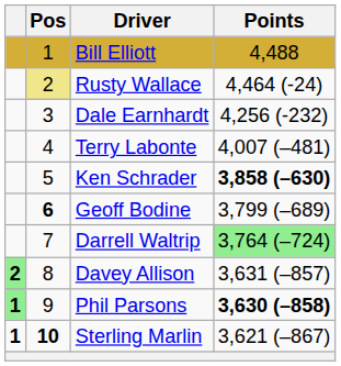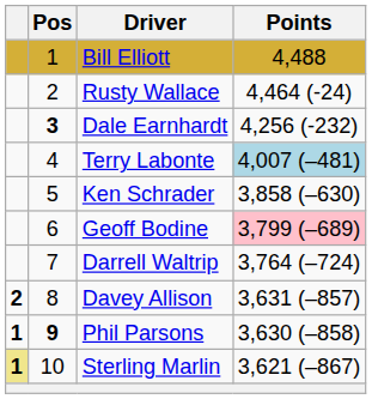 <table class="wikitable" style="font-size: 95%;">
 <tr>
 <th></th>
 <th>Pos</th>
 <th>Driver</th>
 <th>Points</th>
 </tr>
 <tr style="background:#D4AF37;">
 <td align="left"></td>
 <td style="text-align:center;">1</td>
 <td><a href='#'>Bill Elliott</a></td>
 <td style="text-align:center;">4,488</td>
 </tr>
 <tr>
 <td align="left"></td>
-<td style="background: khaki; text-align:center;">2</td>
+<td style="text-align:center;">2</td>
 <td><a href='#'>Rusty Wallace</a></td>
 <td style="text-align:center;">4,464 (-24)</td>
 </tr>
 <tr>
 <td align="left"></td>
-<td style="text-align:center;">3</td>
+<td style="text-align:center;"><strong>3</strong></td>
 <td><a href='#'>Dale Earnhardt</a></td>
 <td style="text-align:center;">4,256 (-232)</td>
 </tr>
 <tr>
 <td align="left"></td>
 <td style="text-align:center;">4</td>
 <td><a href='#'>Terry Labonte</a></td>
-<td style="text-align:center;">4,007 (–481)</td>
+<td style="background: lightblue; text-align:center;">4,007 (–481)</td>
 </tr>
 <tr>
 <td align="left"></td>
 <td style="text-align:center;">5</td>
 <td><a href='#'>Ken Schrader</a></td>
-<td style="text-align:center;"><strong>3,858 (–630)</strong></td>
+<td style="text-align:center;">3,858 (–630)</td>
 </tr>
 <tr>
 <td align="left"></td>
-<td style="text-align:center;"><strong>6</strong></td>
+<td style="text-align:center;">6</td>
 <td><a href='#'>Geoff Bodine</a></td>
-<td style="text-align:center;">3,799 (–689)</td>
+<td style="background: pink; text-align:center;">3,799 (–689)</td>
 </tr>
 <tr>
 <td align="left"></td>
 <td style="text-align:center;">7</td>
 <td><a href='#'>Darrell Waltrip</a></td>
-<td style="background: lightgreen; text-align:center;">3,764 (–724)</td>
+<td style="text-align:center;">3,764 (–724)</td>
 </tr>
 <tr>
-<td align="left" style="background: lightgreen;">  <strong>2</strong></td>
+<td align="left">  <strong>2</strong></td>
 <td style="text-align:center;">8</td>
 <td><a href='#'>Davey Allison</a></td>
 <td style="text-align:center;">3,631 (–857)</td>
 </tr>
 <tr>
-<td align="left" style="background: lightgreen;">  <strong>1</strong></td>
-<td style="text-align:center;">9</td>
+<td align="left">  <strong>1</strong></td>
+<td style="text-align:center;"><strong>9</strong></td>
 <td><a href='#'>Phil Parsons</a></td>
-<td style="text-align:center;"><strong>3,630 (–858)</strong></td>
+<td style="text-align:center;">3,630 (–858)</td>
 </tr>
 <tr>
-<td align="left">  <strong>1</strong></td>
-<td style="text-align:center;"><strong>10</strong></td>
+<td align="left" style="background: khaki;">  <strong>1</strong></td>
+<td style="text-align:center;">10</td>
 <td><a href='#'>Sterling Marlin</a></td>
 <td style="text-align:center;">3,621 (–867)</td>
 </tr>
 <tr class="sortbottom">
 <th colspan="9"></th>
 </tr>
 </table>
